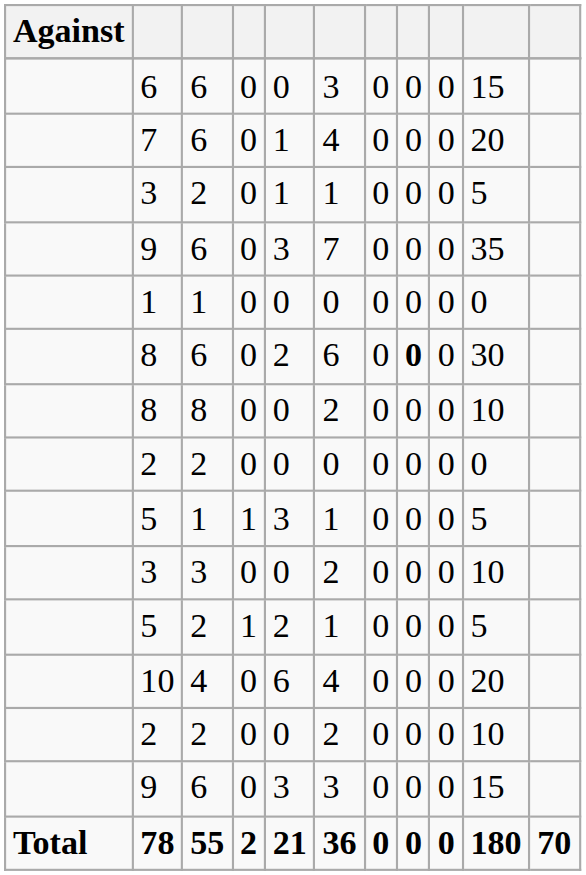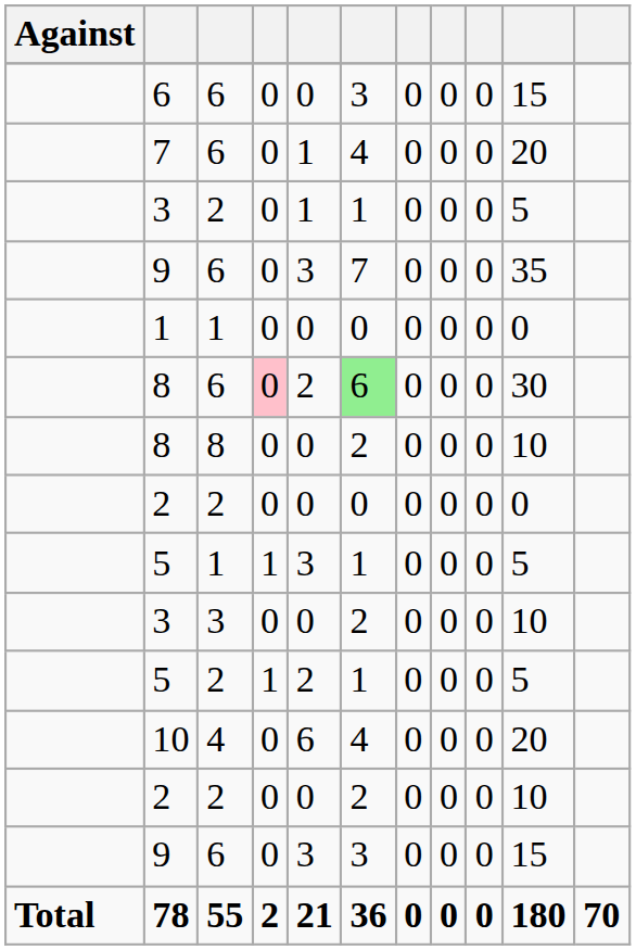 <table class="wikitable sortable">
 <tr>
 <th>Against</th>
 <th></th>
 <th></th>
 <th></th>
 <th></th>
 <th></th>
 <th></th>
 <th></th>
 <th></th>
 <th></th>
 <th></th>
 </tr>
 <tr bgcolor="#d0ffd0" align="center">
 </tr>
 <tr>
 <td></td>
 <td>6</td>
 <td>6</td>
 <td>0</td>
 <td>0</td>
 <td>3</td>
 <td>0</td>
 <td>0</td>
 <td>0</td>
 <td>15</td>
 <td></td>
 </tr>
 <tr>
 <td></td>
 <td>7</td>
 <td>6</td>
 <td>0</td>
 <td>1</td>
 <td>4</td>
 <td>0</td>
 <td>0</td>
 <td>0</td>
 <td>20</td>
 <td></td>
 </tr>
 <tr>
 <td></td>
 <td>3</td>
 <td>2</td>
 <td>0</td>
 <td>1</td>
 <td>1</td>
 <td>0</td>
 <td>0</td>
 <td>0</td>
 <td>5</td>
 <td></td>
 </tr>
 <tr>
 <td></td>
 <td>9</td>
 <td>6</td>
 <td>0</td>
 <td>3</td>
 <td>7</td>
 <td>0</td>
 <td>0</td>
 <td>0</td>
 <td>35</td>
 <td></td>
 </tr>
 <tr>
 <td></td>
 <td>1</td>
 <td>1</td>
 <td>0</td>
 <td>0</td>
 <td>0</td>
 <td>0</td>
 <td>0</td>
 <td>0</td>
 <td>0</td>
 <td></td>
 </tr>
 <tr>
 <td></td>
 <td>8</td>
 <td>6</td>
+<td style="background: pink;">0</td>
+<td>2</td>
+<td style="background: lightgreen;">6</td>
 <td>0</td>
-<td>2</td>
-<td>6</td>
 <td>0</td>
-<td><strong>0</strong></td>
 <td>0</td>
 <td>30</td>
 <td></td>
 </tr>
 <tr>
 <td></td>
 <td>8</td>
 <td>8</td>
 <td>0</td>
 <td>0</td>
 <td>2</td>
 <td>0</td>
 <td>0</td>
 <td>0</td>
 <td>10</td>
 <td></td>
 </tr>
 <tr>
 <td></td>
 <td>2</td>
 <td>2</td>
 <td>0</td>
 <td>0</td>
 <td>0</td>
 <td>0</td>
 <td>0</td>
 <td>0</td>
 <td>0</td>
 <td></td>
 </tr>
 <tr>
 <td></td>
 <td>5</td>
 <td>1</td>
 <td>1</td>
 <td>3</td>
 <td>1</td>
 <td>0</td>
 <td>0</td>
 <td>0</td>
 <td>5</td>
 <td></td>
 </tr>
 <tr>
 <td></td>
 <td>3</td>
 <td>3</td>
 <td>0</td>
 <td>0</td>
 <td>2</td>
 <td>0</td>
 <td>0</td>
 <td>0</td>
 <td>10</td>
 <td></td>
 </tr>
 <tr>
 <td></td>
 <td>5</td>
 <td>2</td>
 <td>1</td>
 <td>2</td>
 <td>1</td>
 <td>0</td>
 <td>0</td>
 <td>0</td>
 <td>5</td>
 <td></td>
 </tr>
 <tr>
 <td></td>
 <td>10</td>
 <td>4</td>
 <td>0</td>
 <td>6</td>
 <td>4</td>
 <td>0</td>
 <td>0</td>
 <td>0</td>
 <td>20</td>
 <td></td>
 </tr>
 <tr>
 <td></td>
 <td>2</td>
 <td>2</td>
 <td>0</td>
 <td>0</td>
 <td>2</td>
 <td>0</td>
 <td>0</td>
 <td>0</td>
 <td>10</td>
 <td></td>
 </tr>
 <tr>
 <td></td>
 <td>9</td>
 <td>6</td>
 <td>0</td>
 <td>3</td>
 <td>3</td>
 <td>0</td>
 <td>0</td>
 <td>0</td>
 <td>15</td>
 <td></td>
 </tr>
 <tr>
 <td><strong>Total</strong></td>
 <td><strong>78</strong></td>
 <td><strong>55</strong></td>
 <td><strong>2</strong></td>
 <td><strong>21</strong></td>
 <td><strong>36</strong></td>
 <td><strong>0</strong></td>
 <td><strong>0</strong></td>
 <td><strong>0</strong></td>
 <td><strong>180</strong></td>
 <td><strong>70</strong></td>
 </tr>
 </table>
